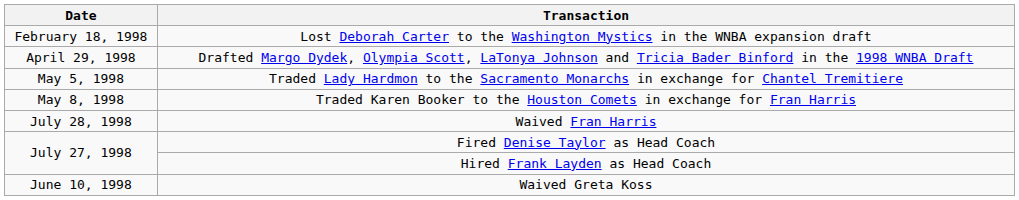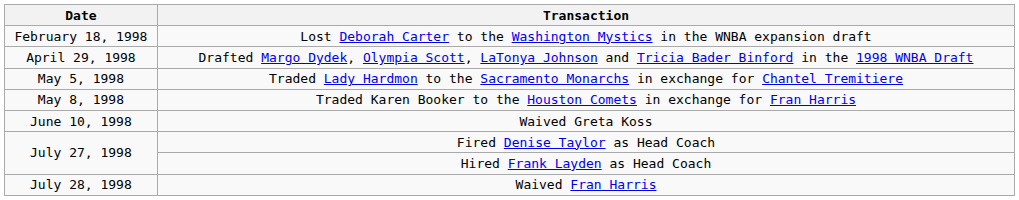 <table class="wikitable" style="width:80%; text-align: center;">
 <tr>
 <th>Date</th>
 <th>Transaction</th>
 </tr>
 <tr>
 <td>February 18, 1998</td>
 <td>Lost <a href='#'>Deborah Carter</a> to the <a href='#'>Washington Mystics</a> in the WNBA expansion draft</td>
 </tr>
 <tr>
 <td>April 29, 1998</td>
 <td>Drafted <a href='#'>Margo Dydek</a>, <a href='#'>Olympia Scott</a>, <a href='#'>LaTonya Johnson</a> and <a href='#'>Tricia Bader Binford</a> in the <a href='#'>1998 WNBA Draft</a></td>
 </tr>
 <tr>
 <td>May 5, 1998</td>
 <td>Traded <a href='#'>Lady Hardmon</a> to the <a href='#'>Sacramento Monarchs</a> in exchange for <a href='#'>Chantel Tremitiere</a></td>
 </tr>
 <tr>
 <td>May 8, 1998</td>
 <td>Traded Karen Booker to the <a href='#'>Houston Comets</a> in exchange for <a href='#'>Fran Harris</a></td>
 </tr>
 <tr>
-<td>July 28, 1998</td>
-<td>Waived <a href='#'>Fran Harris</a></td>
+<td>June 10, 1998</td>
+<td>Waived Greta Koss</td>
 </tr>
 <tr>
 <td rowspan="2">July 27, 1998</td>
 <td>Fired <a href='#'>Denise Taylor</a> as Head Coach</td>
 </tr>
 <tr>
 <td>Hired <a href='#'>Frank Layden</a> as Head Coach</td>
 </tr>
 <tr>
-<td>June 10, 1998</td>
-<td>Waived Greta Koss</td>
+<td>July 28, 1998</td>
+<td>Waived <a href='#'>Fran Harris</a></td>
 </tr>
 </table>
